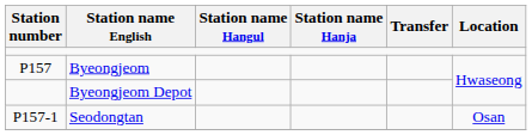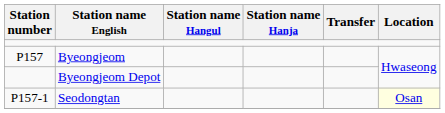 <table class="wikitable">
 <tr>
 <th>Station<br>number</th>
 <th>Station name<br><small>English</small></th>
 <th>Station name<br><small><a href='#'>Hangul</a></small></th>
 <th>Station name<br><small><a href='#'>Hanja</a></small></th>
 <th>Transfer</th>
 <th colspan = "2">Location</th>
 </tr>
 <tr style="background:#">
 <td colspan = "7"></td>
 </tr>
 <tr>
 <td align="center">P157</td>
 <td><a href='#'>Byeongjeom</a></td>
 <td></td>
 <td></td>
 <td></td>
 <td rowspan="2" align="center"><a href='#'>Hwaseong</a></td>
 </tr>
 <tr>
 <td align="center"></td>
 <td><a href='#'>Byeongjeom Depot</a></td>
 <td></td>
 <td></td>
 <td></td>
 </tr>
 <tr>
 <td align="center">P157-1</td>
 <td><a href='#'>Seodongtan</a></td>
 <td></td>
 <td></td>
 <td></td>
-<td rowspan="1" align="center"><a href='#'>Osan</a></td>
+<td rowspan="1" align="center" style="background: lightyellow;"><a href='#'>Osan</a></td>
 </tr>
 <tr>
 </tr>
 </table>
